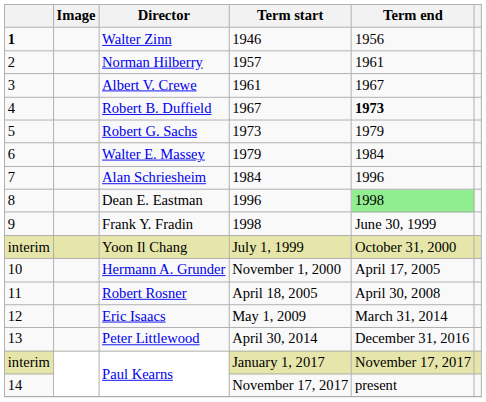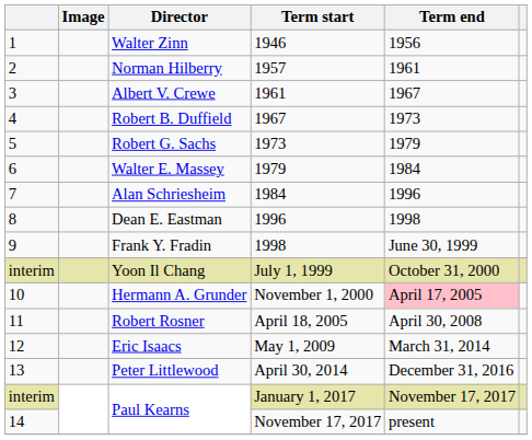 <table class="wikitable">
 <tr>
 <th></th>
 <th>Image</th>
 <th>Director</th>
 <th>Term start</th>
 <th>Term end</th>
 <th></th>
 </tr>
 <tr>
-<td><strong>1</strong></td>
+<td>1</td>
 <td></td>
 <td><a href='#'>Walter Zinn</a></td>
 <td>1946</td>
 <td>1956</td>
 <td></td>
 </tr>
 <tr>
 <td>2</td>
 <td></td>
 <td><a href='#'>Norman Hilberry</a></td>
 <td>1957</td>
 <td>1961</td>
 <td></td>
 </tr>
 <tr>
 <td>3</td>
 <td></td>
 <td><a href='#'>Albert V. Crewe</a></td>
 <td>1961</td>
 <td>1967</td>
 <td></td>
 </tr>
 <tr>
 <td>4</td>
 <td></td>
 <td><a href='#'>Robert B. Duffield</a></td>
 <td>1967</td>
-<td><strong>1973</strong></td>
+<td>1973</td>
 <td></td>
 </tr>
 <tr>
 <td>5</td>
 <td></td>
 <td><a href='#'>Robert G. Sachs</a></td>
 <td>1973</td>
 <td>1979</td>
 <td></td>
 </tr>
 <tr>
 <td>6</td>
 <td></td>
 <td><a href='#'>Walter E. Massey</a></td>
 <td>1979</td>
 <td>1984</td>
 <td></td>
 </tr>
 <tr>
 <td>7</td>
 <td></td>
 <td><a href='#'>Alan Schriesheim</a></td>
 <td>1984</td>
 <td>1996</td>
 <td></td>
 </tr>
 <tr>
 <td>8</td>
 <td></td>
 <td>Dean E. Eastman</td>
 <td>1996</td>
-<td style="background: lightgreen;">1998</td>
+<td>1998</td>
 <td></td>
 </tr>
 <tr>
 <td>9</td>
 <td></td>
 <td>Frank Y. Fradin</td>
 <td>1998</td>
 <td>June 30, 1999</td>
 <td></td>
 </tr>
 <tr bgcolor="#e6e6aa">
 <td>interim</td>
 <td></td>
 <td>Yoon Il Chang</td>
 <td>July 1, 1999</td>
 <td>October 31, 2000</td>
 <td></td>
 </tr>
 <tr>
 <td>10</td>
 <td></td>
 <td><a href='#'>Hermann A. Grunder</a></td>
 <td>November 1, 2000</td>
-<td>April 17, 2005</td>
+<td style="background: pink;">April 17, 2005</td>
 <td></td>
 </tr>
 <tr>
 <td>11</td>
 <td></td>
 <td><a href='#'>Robert Rosner</a></td>
 <td>April 18, 2005</td>
 <td>April 30, 2008</td>
 <td></td>
 </tr>
 <tr>
 <td>12</td>
 <td></td>
 <td><a href='#'>Eric Isaacs</a></td>
 <td>May 1, 2009</td>
 <td>March 31, 2014</td>
 <td></td>
 </tr>
 <tr>
 <td>13</td>
 <td></td>
 <td><a href='#'>Peter Littlewood</a></td>
 <td>April 30, 2014</td>
 <td>December 31, 2016</td>
 <td></td>
 </tr>
 <tr bgcolor="#e6e6aa">
 <td>interim</td>
 <td rowspan="2" bgcolor="#ffffff"></td>
 <td rowspan="2" bgcolor="#ffffff"><a href='#'>Paul Kearns</a></td>
 <td>January 1, 2017</td>
 <td>November 17, 2017</td>
 <td></td>
 </tr>
 <tr>
 <td>14</td>
 <td>November 17, 2017</td>
 <td>present</td>
 <td></td>
 </tr>
 <tr>
 </tr>
 </table>
